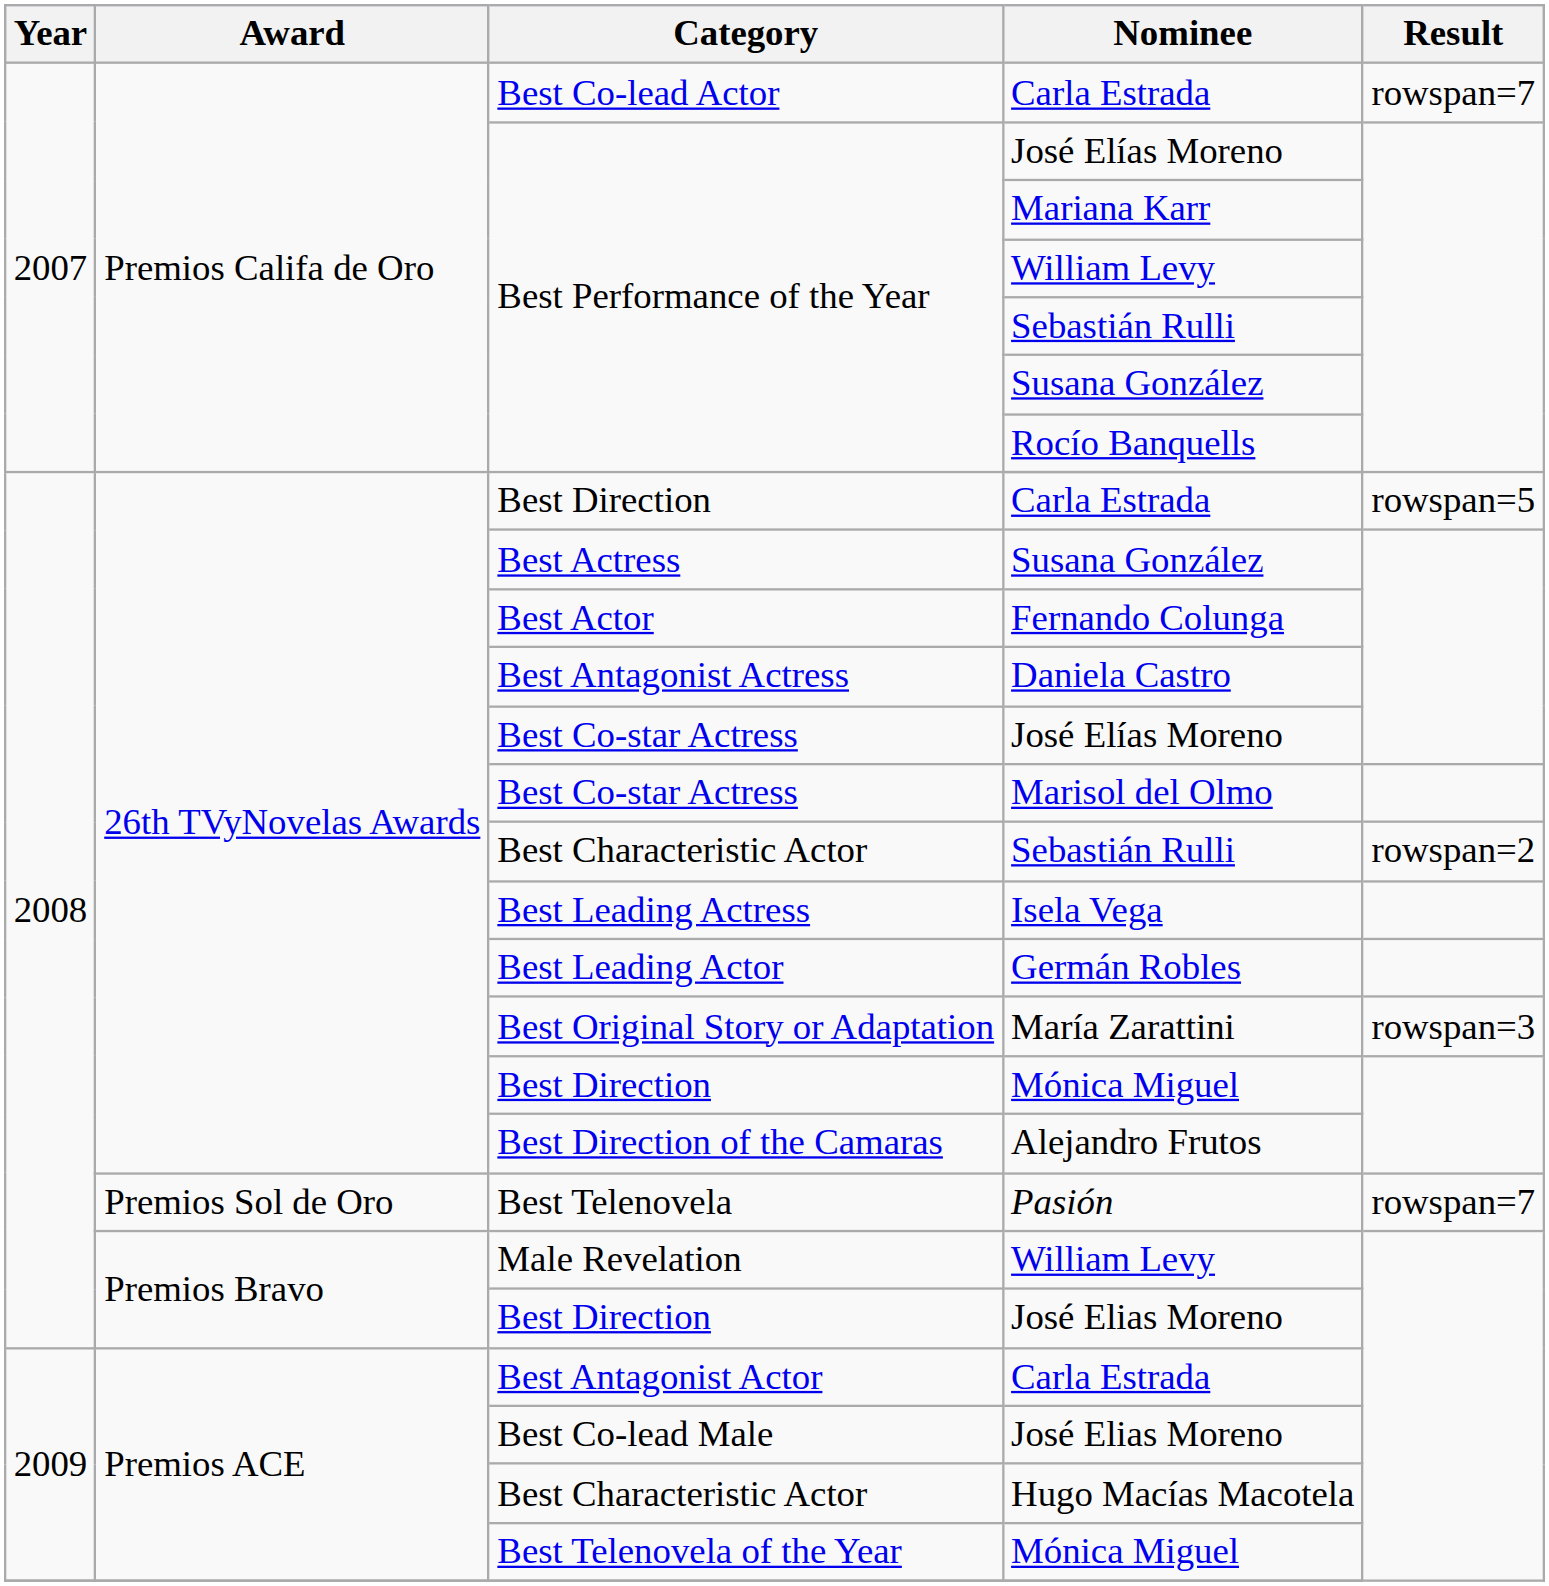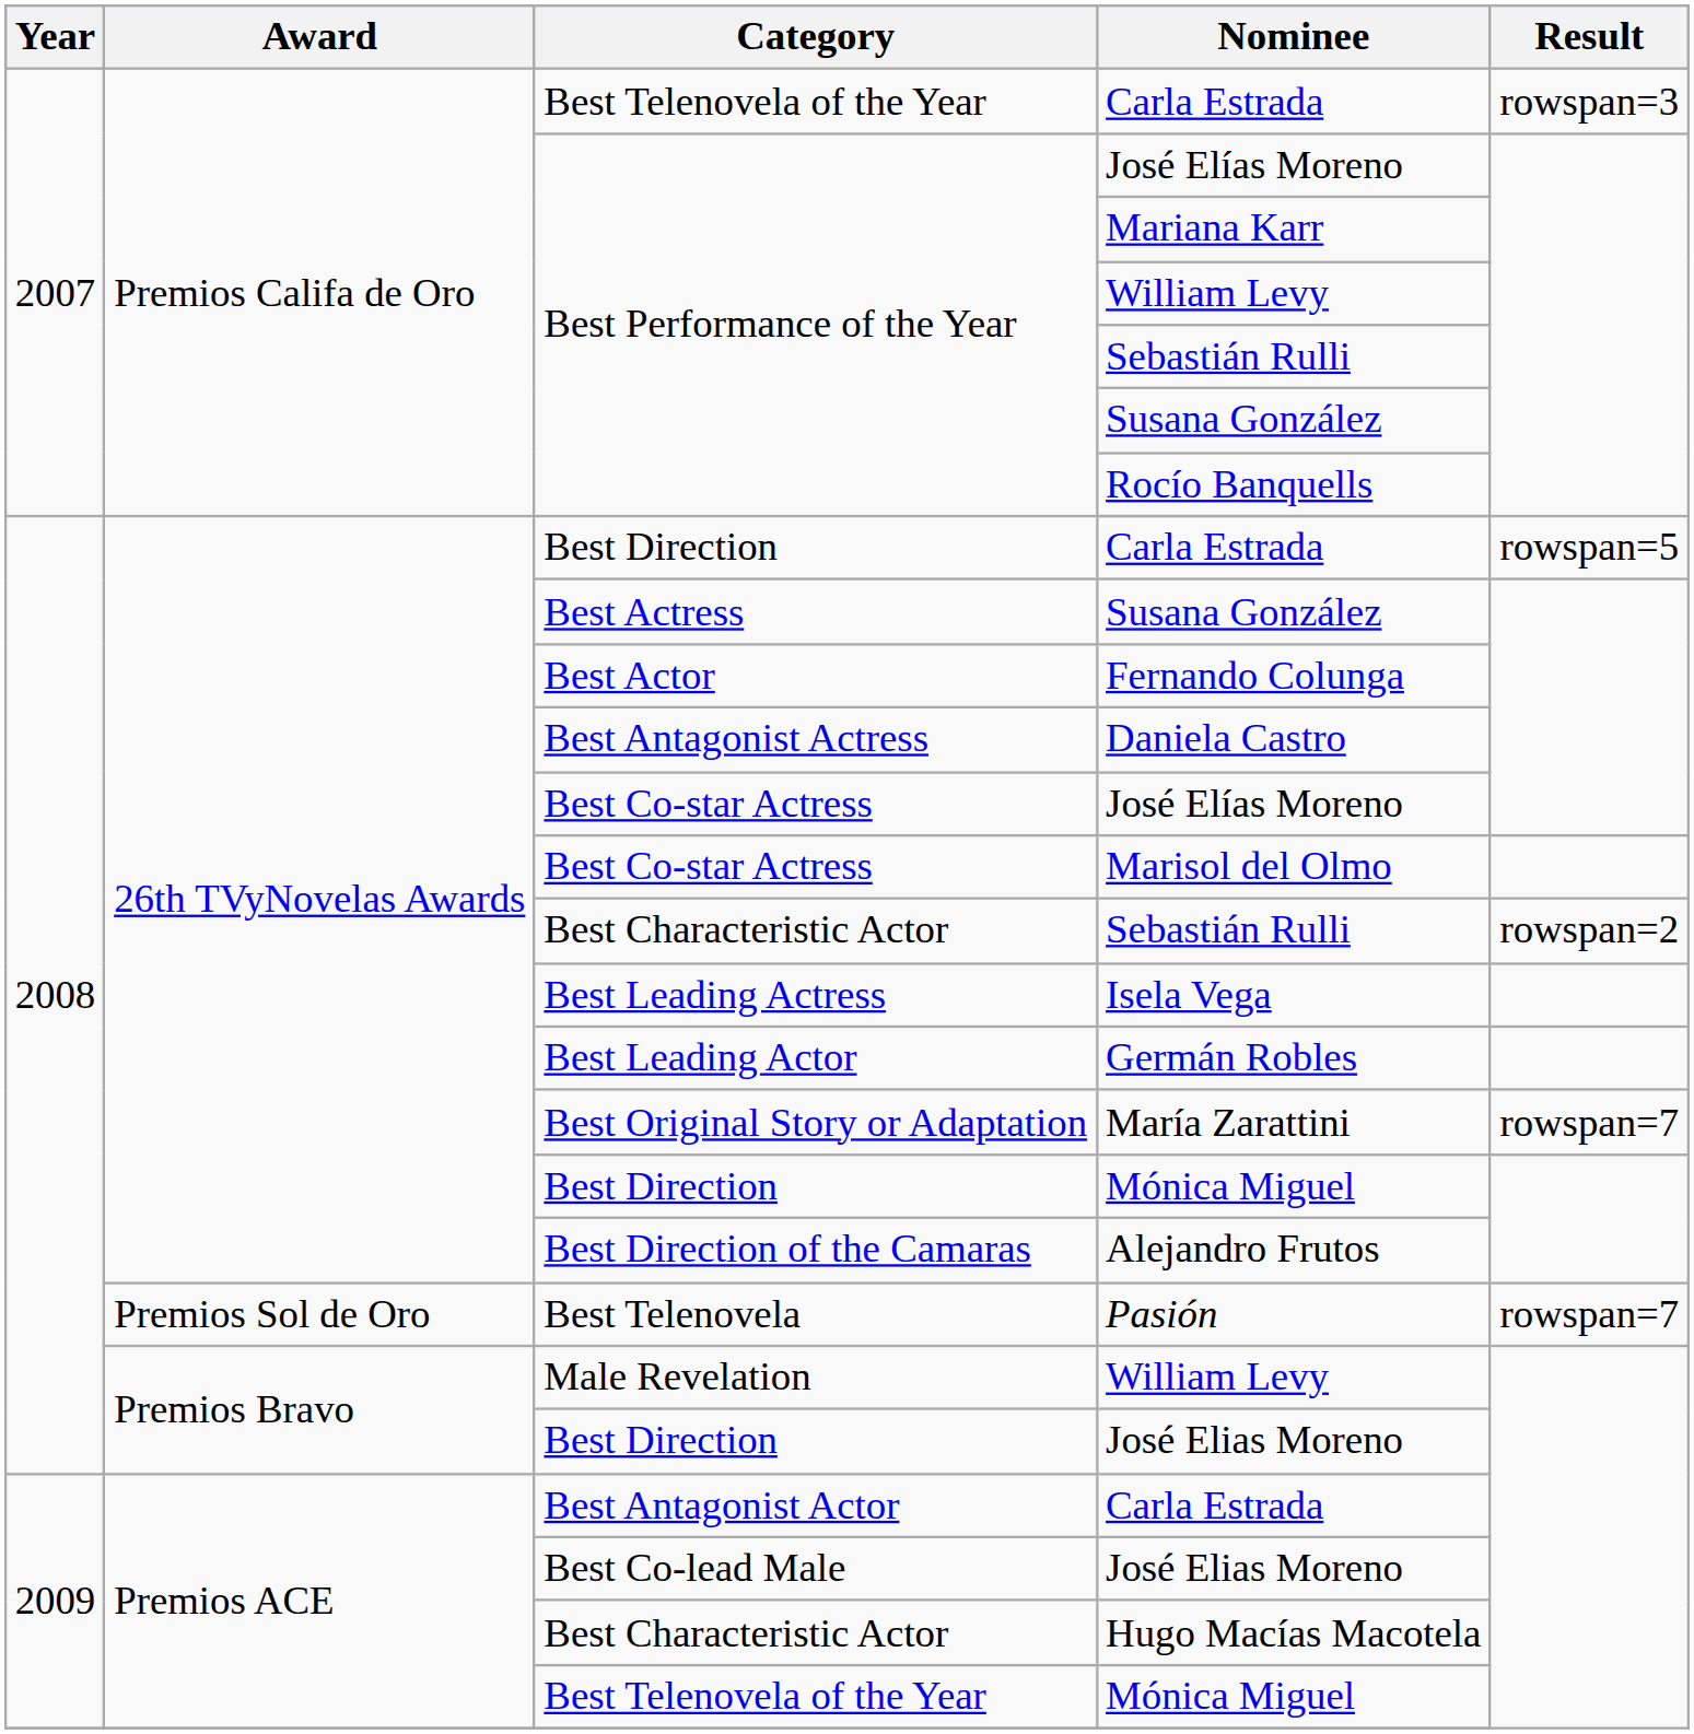 <table class="wikitable">
 <tr style="background:#b0c4de;">
 <th>Year</th>
 <th>Award</th>
 <th>Category</th>
 <th>Nominee</th>
 <th>Result</th>
 </tr>
 <tr>
 <td rowspan=7>2007</td>
 <td rowspan=7>Premios Califa de Oro</td>
-<td><a href='#'>Best Co-lead Actor</a></td>
+<td>Best Telenovela of the Year</td>
 <td><a href='#'>Carla Estrada</a></td>
-<td>rowspan=7 </td>
+<td>rowspan=3 </td>
 </tr>
 <tr>
 <td rowspan=7>Best Performance of the Year</td>
 <td>José Elías Moreno</td>
 </tr>
 <tr>
 <td><a href='#'>Mariana Karr</a></td>
 </tr>
 <tr>
 <td><a href='#'>William Levy</a></td>
 </tr>
 <tr>
 <td><a href='#'>Sebastián Rulli</a></td>
 </tr>
 <tr>
 <td><a href='#'>Susana González</a></td>
 </tr>
 <tr>
 <td><a href='#'>Rocío Banquells</a></td>
 </tr>
 <tr>
 <td rowspan=16>2008</td>
 <td rowspan=13><a href='#'>26th TVyNovelas Awards</a></td>
 </tr>
 <tr>
 <td>Best Direction</td>
 <td><a href='#'>Carla Estrada</a></td>
 <td>rowspan=5 </td>
 </tr>
 <tr>
 <td><a href='#'>Best Actress</a></td>
 <td><a href='#'>Susana González</a></td>
 </tr>
 <tr>
 <td><a href='#'>Best Actor</a></td>
 <td><a href='#'>Fernando Colunga</a></td>
 </tr>
 <tr>
 <td><a href='#'>Best Antagonist Actress</a></td>
 <td><a href='#'>Daniela Castro</a></td>
 </tr>
 <tr>
 <td><a href='#'>Best Co-star Actress</a></td>
 <td>José Elías Moreno</td>
 </tr>
 <tr>
 <td><a href='#'>Best Co-star Actress</a></td>
 <td><a href='#'>Marisol del Olmo</a></td>
 <td></td>
 </tr>
 <tr>
 <td>Best Characteristic Actor</td>
 <td><a href='#'>Sebastián Rulli</a></td>
 <td>rowspan=2 </td>
 </tr>
 <tr>
 <td><a href='#'>Best Leading Actress</a></td>
 <td><a href='#'>Isela Vega</a></td>
 </tr>
 <tr>
 <td><a href='#'>Best Leading Actor</a></td>
 <td><a href='#'>Germán Robles</a></td>
 <td></td>
 </tr>
 <tr>
 <td><a href='#'>Best Original Story or Adaptation</a></td>
 <td>María Zarattini</td>
-<td>rowspan=3 </td>
+<td>rowspan=7 </td>
 </tr>
 <tr>
 <td><a href='#'>Best Direction</a></td>
 <td><a href='#'>Mónica Miguel</a></td>
 </tr>
 <tr>
 <td><a href='#'>Best Direction of the Camaras</a></td>
 <td>Alejandro Frutos</td>
 </tr>
 <tr>
 <td>Premios Sol de Oro</td>
 <td>Best Telenovela</td>
 <td><em>Pasión</em></td>
 <td>rowspan=7 </td>
 </tr>
 <tr>
 <td rowspan=2>Premios Bravo</td>
 <td>Male Revelation</td>
 <td><a href='#'>William Levy</a></td>
 </tr>
 <tr>
 <td><a href='#'>Best Direction</a></td>
 <td>José Elias Moreno</td>
 </tr>
 <tr>
 <td rowspan=4>2009</td>
 <td rowspan=4>Premios ACE</td>
 <td><a href='#'>Best Antagonist Actor</a></td>
 <td><a href='#'>Carla Estrada</a></td>
 </tr>
 <tr>
 <td>Best Co-lead Male</td>
 <td>José Elias Moreno</td>
 </tr>
 <tr>
 <td>Best Characteristic Actor</td>
 <td>Hugo Macías Macotela</td>
 </tr>
 <tr>
 <td><a href='#'>Best Telenovela of the Year</a></td>
 <td><a href='#'>Mónica Miguel</a></td>
 </tr>
 <tr>
 </tr>
 </table>
